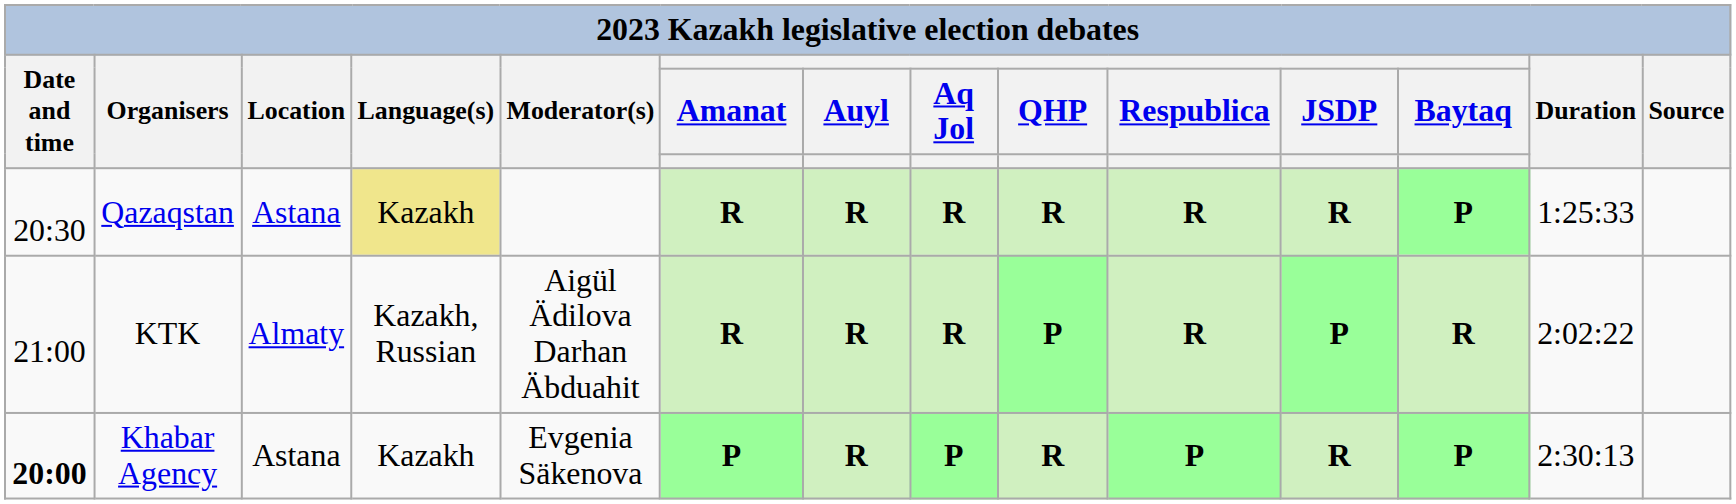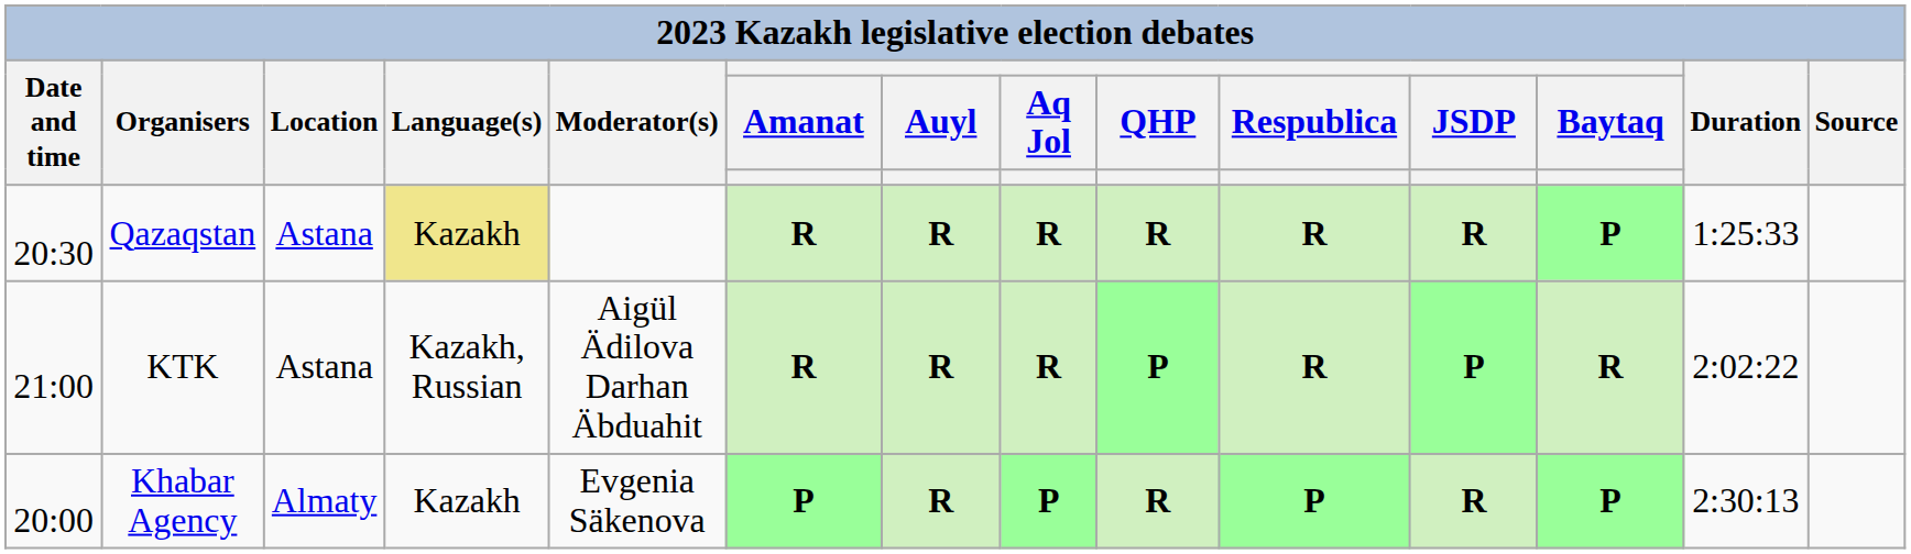 <table class="wikitable" style="text-justify: none">
 <tr>
 <th colspan="20" style="background:#B0C4DE">2023 Kazakh legislative election debates</th>
 </tr>
 <tr style="font-size:small;">
 <th rowspan="3">Date and time</th>
 <th rowspan="3">Organisers</th>
 <th rowspan="3">Location</th>
 <th rowspan="3">Language(s)</th>
 <th rowspan="3">Moderator(s)</th>
 <th colspan="7"><small>  </small></th>
 <th rowspan="3">Duration</th>
 <th rowspan="3">Source</th>
 </tr>
 <tr>
 <th style="width:6em;"><a href='#'>Amanat</a></th>
 <th style="width:6em;"><a href='#'>Auyl</a></th>
 <th style="width:6em;"><a href='#'>Aq Jol</a></th>
 <th style="width:6em;"><a href='#'>QHP</a></th>
 <th style="width:6em;"><a href='#'>Respublica</a></th>
 <th style="width:6em;"><a href='#'>JSDP</a></th>
 <th style="width:6em;"><a href='#'>Baytaq</a></th>
 </tr>
 <tr>
 <th style="background-color:"></th>
 <th style="background-color:"></th>
 <th style="background-color:"></th>
 <th style="background-color:"></th>
 <th style="background-color:"></th>
 <th style="background-color:"></th>
 <th style="background-color:"></th>
 </tr>
 <tr>
 <td style="text-align:center;"><br>20:30</td>
 <td style="text-align:center;"><a href='#'>Qazaqstan</a></td>
 <td style="text-align:center;"><a href='#'>Astana</a></td>
 <td style="background: khaki; text-align:center;">Kazakh</td>
 <td style="text-align:center;"></td>
 <td style="background-color:#D0F0C0; color:black; text-align:center;"><strong>R</strong><br></td>
 <td style="background-color:#D0F0C0; color:black; text-align:center;"><strong>R</strong><br></td>
 <td style="background-color:#D0F0C0; color:black; text-align:center;"><strong>R</strong><br></td>
 <td style="background-color:#D0F0C0; color:black; text-align:center;"><strong>R</strong><br></td>
 <td style="background-color:#D0F0C0; color:black; text-align:center;"><strong>R</strong><br></td>
 <td style="background-color:#D0F0C0; color:black; text-align:center;"><strong>R</strong><br></td>
 <td style="background-color:#99ff99; color:black; text-align:center;"><strong>P</strong><br></td>
 <td style="text-align:center;">1:25:33</td>
 <td style="text-align:center;"></td>
 </tr>
 <tr>
 <td style="text-align:center;"><br>21:00</td>
 <td style="text-align:center;">KTK</td>
-<td style="text-align:center;"><a href='#'>Almaty</a></td>
+<td style="text-align:center;">Astana</td>
 <td style="text-align:center;">Kazakh, Russian</td>
 <td style="text-align:center;">Aigül Ädilova<br>Darhan Äbduahit</td>
 <td style="background-color:#D0F0C0; color:black; text-align:center;"><strong>R</strong><br></td>
 <td style="background-color:#D0F0C0; color:black; text-align:center;"><strong>R</strong><br></td>
 <td style="background-color:#D0F0C0; color:black; text-align:center;"><strong>R</strong><br></td>
 <td style="background-color:#99ff99; color:black; text-align:center;"><strong>P</strong><br></td>
 <td style="background-color:#D0F0C0; color:black; text-align:center;"><strong>R</strong><br></td>
 <td style="background-color:#99ff99; color:black; text-align:center;"><strong>P</strong><br></td>
 <td style="background-color:#D0F0C0; color:black; text-align:center;"><strong>R</strong><br></td>
 <td style="text-align:center;">2:02:22</td>
 <td style="text-align:center;"></td>
 </tr>
 <tr>
-<td style="text-align:center;"><strong><br>20:00</strong></td>
+<td style="text-align:center;"><br>20:00</td>
 <td style="text-align:center;"><a href='#'>Khabar Agency</a></td>
-<td style="text-align:center;">Astana</td>
+<td style="text-align:center;"><a href='#'>Almaty</a></td>
 <td style="text-align:center;">Kazakh</td>
 <td style="text-align:center;">Evgenia Säkenova</td>
 <td style="background-color:#99ff99; color:black; text-align:center;"><strong>P</strong><br></td>
 <td style="background-color:#D0F0C0; color:black; text-align:center;"><strong>R</strong><br></td>
 <td style="background-color:#99ff99; color:black; text-align:center;"><strong>P</strong><br></td>
 <td style="background-color:#D0F0C0; color:black; text-align:center;"><strong>R</strong><br></td>
 <td style="background-color:#99ff99; color:black; text-align:center;"><strong>P</strong><br></td>
 <td style="background-color:#D0F0C0; color:black; text-align:center;"><strong>R</strong><br></td>
 <td style="background-color:#99ff99; color:black; text-align:center;"><strong>P</strong><br></td>
 <td style="text-align:center;">2:30:13</td>
 <td></td>
 </tr>
 </table>
